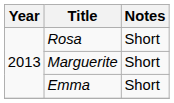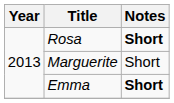 <table class="wikitable sortable">
 <tr>
 <th>Year</th>
 <th>Title</th>
 <th class="unsortable">Notes</th>
 </tr>
 <tr>
 <td rowspan=3>2013</td>
 <td><em>Rosa</em></td>
-<td>Short</td>
+<td><strong>Short</strong></td>
 </tr>
 <tr>
 <td><em>Marguerite</em></td>
 <td>Short</td>
 </tr>
 <tr>
 <td><em>Emma</em></td>
-<td>Short</td>
+<td><strong>Short</strong></td>
 </tr>
 <tr>
 </tr>
 </table>
